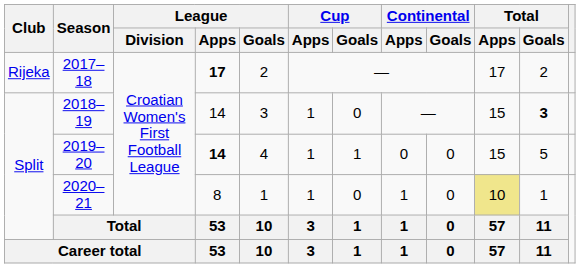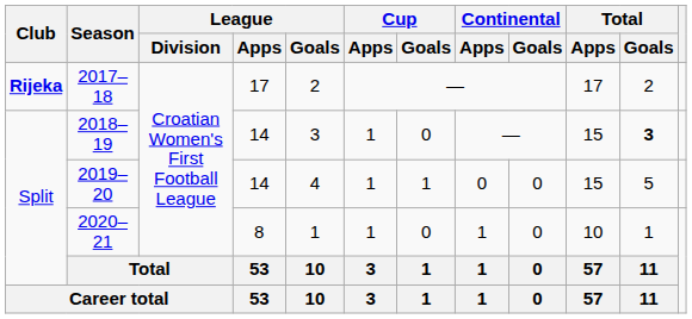 <table class="wikitable" style="text-align:center">
 <tr>
 <th rowspan="2">Club</th>
 <th rowspan="2">Season</th>
 <th colspan="3">League</th>
 <th colspan="2"><a href='#'>Cup</a></th>
 <th colspan="2"><a href='#'>Continental</a></th>
 <th colspan="2">Total</th>
 <th rowspan="2"></th>
 </tr>
 <tr>
 <th>Division</th>
 <th>Apps</th>
 <th>Goals</th>
 <th>Apps</th>
 <th>Goals</th>
 <th>Apps</th>
 <th>Goals</th>
 <th>Apps</th>
 <th>Goals</th>
 </tr>
 <tr>
-<td><a href='#'>Rijeka</a></td>
+<td><strong><a href='#'>Rijeka</a></strong></td>
 <td><a href='#'>2017–18</a></td>
 <td rowspan="4"><a href='#'>Croatian Women's First Football League</a></td>
-<td><strong>17</strong></td>
+<td>17</td>
 <td>2</td>
 <td colspan="4">—</td>
 <td>17</td>
 <td>2</td>
 <td></td>
 </tr>
 <tr>
 <td rowspan="4"><a href='#'>Split</a></td>
 <td><a href='#'>2018–19</a></td>
 <td>14</td>
 <td>3</td>
 <td>1</td>
 <td>0</td>
 <td colspan="2">—</td>
 <td>15</td>
 <td><strong>3</strong></td>
 <td></td>
 </tr>
 <tr>
 <td><a href='#'>2019–20</a></td>
-<td><strong>14</strong></td>
+<td>14</td>
 <td>4</td>
 <td>1</td>
 <td>1</td>
 <td>0</td>
 <td>0</td>
 <td>15</td>
 <td>5</td>
 <td></td>
 </tr>
 <tr>
 <td><a href='#'>2020–21</a></td>
 <td>8</td>
 <td>1</td>
 <td>1</td>
 <td>0</td>
 <td>1</td>
 <td>0</td>
-<td style="background: khaki;">10</td>
+<td>10</td>
 <td>1</td>
 <td rowspan="3"></td>
 </tr>
 <tr>
 <th colspan="2">Total</th>
 <th>53</th>
 <th>10</th>
 <th>3</th>
 <th>1</th>
 <th>1</th>
 <th>0</th>
 <th>57</th>
 <th>11</th>
 </tr>
 <tr>
 <th colspan="3">Career total</th>
 <th>53</th>
 <th>10</th>
 <th>3</th>
 <th>1</th>
 <th>1</th>
 <th>0</th>
 <th>57</th>
 <th>11</th>
 </tr>
 </table>
